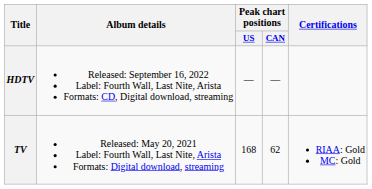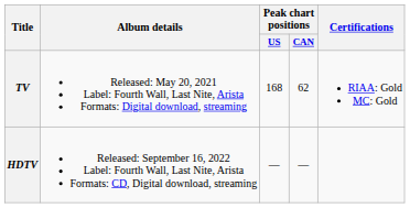 <table class="wikitable plainrowheaders" style="text-align:center">
 <tr>
 <th scope="col" rowspan="2">Title</th>
 <th scope="col" rowspan="2">Album details</th>
 <th scope="col" colspan="2">Peak chart positions</th>
 <th rowspan="2"><a href='#'>Certifications</a></th>
 </tr>
 <tr>
 <th scope="col" style="width:2.5em;font-size:90%;"><a href='#'>US</a><br></th>
 <th scope="col" style="width:2.5em;font-size:90%;"><a href='#'>CAN</a><br></th>
 </tr>
 <tr>
+<th scope="row"><em>TV</em></th>
+<td><br><ul><li>Released: May 20, 2021</li><li>Label: Fourth Wall, Last Nite, <a href='#'>Arista</a></li><li>Formats: <a href='#'>Digital download</a>, <a href='#'>streaming</a></li></ul></td>
+<td>168</td>
+<td>62</td>
+<td><br><ul><li><a href='#'>RIAA</a>: Gold</li><li><a href='#'>MC</a>: Gold</li></ul></td>
+</tr>
+<tr>
 <th scope="row"><em>HDTV</em></th>
 <td><br><ul><li>Released: September 16, 2022</li><li>Label: Fourth Wall, Last Nite, Arista</li><li>Formats: <a href='#'>CD</a>, Digital download, streaming</li></ul></td>
 <td>—</td>
 <td>—</td>
 <td></td>
 </tr>
-<tr>
-<th scope="row"><em>TV</em></th>
-<td><br><ul><li>Released: May 20, 2021</li><li>Label: Fourth Wall, Last Nite, <a href='#'>Arista</a></li><li>Formats: <a href='#'>Digital download</a>, <a href='#'>streaming</a></li></ul></td>
-<td>168</td>
-<td>62</td>
-<td><br><ul><li><a href='#'>RIAA</a>: Gold</li><li><a href='#'>MC</a>: Gold</li></ul></td>
-</tr>
 </table>
